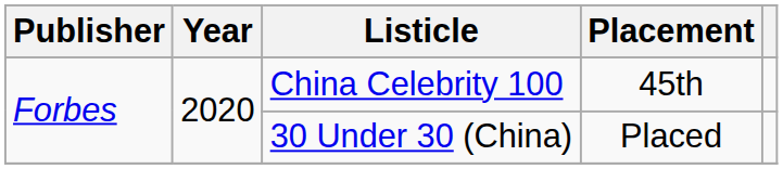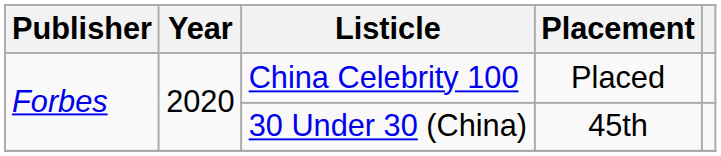 <table class="wikitable plainrowheaders sortable" style="margin-right: 0;">
 <tr>
 <th>Publisher</th>
 <th>Year</th>
 <th>Listicle</th>
 <th>Placement</th>
 <th class="unsortable"></th>
 </tr>
 <tr>
 <td rowspan="2"><em><a href='#'>Forbes</a></em></td>
 <td rowspan="2">2020</td>
 <td><a href='#'>China Celebrity 100</a></td>
-<td style="text-align:center">45th</td>
+<td style="text-align:center">Placed</td>
 <td></td>
 </tr>
 <tr>
 <td><a href='#'>30 Under 30</a> (China)</td>
-<td style="text-align:center">Placed</td>
+<td style="text-align:center">45th</td>
 <td></td>
 </tr>
 <tr>
 </tr>
 </table>
